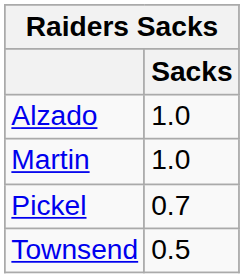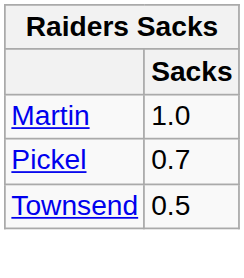 <table class="wikitable">
 <tr>
 <th colspan="2">Raiders Sacks</th>
 </tr>
 <tr>
 <th></th>
 <th>Sacks</th>
-</tr>
-<tr>
-<td><a href='#'>Alzado</a></td>
-<td>1.0</td>
 </tr>
 <tr>
 <td><a href='#'>Martin</a></td>
 <td>1.0</td>
 </tr>
 <tr>
 <td><a href='#'>Pickel</a></td>
 <td>0.7</td>
 </tr>
 <tr>
 <td><a href='#'>Townsend</a></td>
 <td>0.5</td>
 </tr>
 </table>
